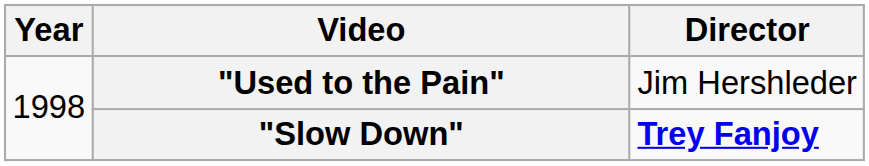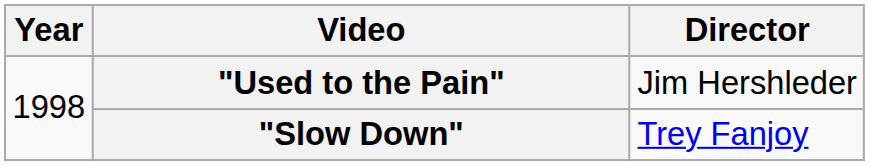 <table class="wikitable plainrowheaders">
 <tr>
 <th>Year</th>
 <th style="width:16em;">Video</th>
 <th>Director</th>
 </tr>
 <tr>
 <td rowspan="2">1998</td>
 <th scope="row">"Used to the Pain"</th>
 <td>Jim Hershleder</td>
 </tr>
 <tr>
 <th scope="row">"Slow Down"</th>
-<td><strong><a href='#'>Trey Fanjoy</a></strong></td>
+<td><a href='#'>Trey Fanjoy</a></td>
 </tr>
 </table>
